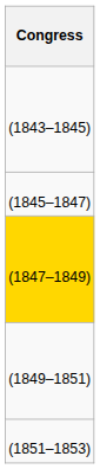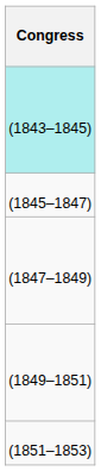 <table class="wikitable" style="float:left; margin:0; margin-right:-0.5px; margin-top:14px; text-align:center;">
 <tr style="white-space:nowrap; height:4.12em;">
 <th>Congress</th>
 </tr>
 <tr style="white-space:nowrap; height:7.28em;">
-<td><strong></strong><br>(1843–1845)</td>
+<td style="background: paleturquoise;"><strong></strong><br>(1843–1845)</td>
 </tr>
 <tr style="white-space:nowrap; height:3em">
 <td><strong></strong><br>(1845–1847)</td>
 </tr>
 <tr style="white-space:nowrap; height:7.28em">
-<td style="background: gold;"><strong></strong><br>(1847–1849)</td>
+<td><strong></strong><br>(1847–1849)</td>
 </tr>
 <tr style="white-space:nowrap; height:6.62em">
 <td><strong></strong><br>(1849–1851)</td>
 </tr>
 <tr style="white-space:nowrap; height:3em">
 <td><strong></strong><br>(1851–1853)</td>
 </tr>
 </table>
